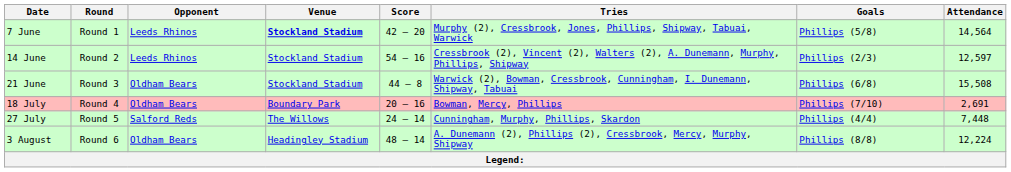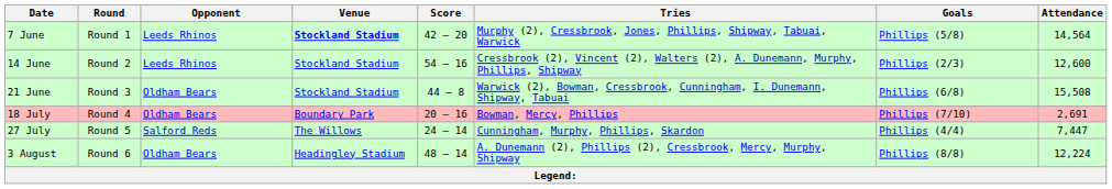 <table class="wikitable" style="font-size:75%;">
 <tr>
 <th style="width:65px;">Date</th>
 <th style="width:55px;">Round</th>
 <th style="width:140px;">Opponent</th>
 <th style="width:115px;">Venue</th>
 <th style="width:50px;">Score</th>
 <th style="width:380px;">Tries</th>
 <th style="width:150px;">Goals</th>
 <th style="width:60px;">Attendance</th>
 </tr>
 <tr style="background:#CCFFCC">
 <td>7 June</td>
 <td style="text-align:center;">Round 1</td>
 <td> <a href='#'>Leeds Rhinos</a></td>
 <td><strong><a href='#'>Stockland Stadium</a></strong></td>
 <td style="text-align:center;">42 – 20</td>
 <td><a href='#'>Murphy</a> (2), <a href='#'>Cressbrook</a>, <a href='#'>Jones</a>, <a href='#'>Phillips</a>, <a href='#'>Shipway</a>, <a href='#'>Tabuai</a>, <a href='#'>Warwick</a></td>
 <td><a href='#'>Phillips</a> (5/8)</td>
 <td style="text-align:center;">14,564</td>
 </tr>
 <tr style="background:#CCFFCC">
 <td>14 June</td>
 <td style="text-align:center;">Round 2</td>
 <td> <a href='#'>Leeds Rhinos</a></td>
 <td><a href='#'>Stockland Stadium</a></td>
 <td style="text-align:center;">54 – 16</td>
 <td><a href='#'>Cressbrook</a> (2), <a href='#'>Vincent</a> (2), <a href='#'>Walters</a> (2), <a href='#'>A. Dunemann</a>, <a href='#'>Murphy</a>, <a href='#'>Phillips</a>, <a href='#'>Shipway</a></td>
 <td><a href='#'>Phillips</a> (2/3)</td>
-<td style="text-align:center;">12,597</td>
+<td style="text-align:center;">12,600</td>
 </tr>
 <tr style="background:#CCFFCC">
 <td>21 June</td>
 <td style="text-align:center;">Round 3</td>
 <td> <a href='#'>Oldham Bears</a></td>
 <td><a href='#'>Stockland Stadium</a></td>
 <td style="text-align:center;">44 – 8</td>
 <td><a href='#'>Warwick</a> (2), <a href='#'>Bowman</a>, <a href='#'>Cressbrook</a>, <a href='#'>Cunningham</a>, <a href='#'>I. Dunemann</a>, <a href='#'>Shipway</a>, <a href='#'>Tabuai</a></td>
 <td><a href='#'>Phillips</a> (6/8)</td>
 <td style="text-align:center;">15,508</td>
 </tr>
 <tr style="background:#FFBBBB">
 <td>18 July</td>
 <td style="text-align:center;">Round 4</td>
 <td> <a href='#'>Oldham Bears</a></td>
 <td><a href='#'>Boundary Park</a></td>
 <td style="text-align:center;">20 – 16</td>
 <td><a href='#'>Bowman</a>, <a href='#'>Mercy</a>, <a href='#'>Phillips</a></td>
 <td><a href='#'>Phillips</a> (7/10)</td>
 <td style="text-align:center;">2,691</td>
 </tr>
 <tr style="background:#CCFFCC">
 <td>27 July</td>
 <td style="text-align:center;">Round 5</td>
 <td> <a href='#'>Salford Reds</a></td>
 <td><a href='#'>The Willows</a></td>
 <td style="text-align:center;">24 – 14</td>
 <td><a href='#'>Cunningham</a>, <a href='#'>Murphy</a>, <a href='#'>Phillips</a>, <a href='#'>Skardon</a></td>
 <td><a href='#'>Phillips</a> (4/4)</td>
-<td style="text-align:center;">7,448</td>
+<td style="text-align:center;">7,447</td>
 </tr>
 <tr style="background:#CCFFCC">
 <td>3 August</td>
 <td style="text-align:center;">Round 6</td>
 <td> <a href='#'>Oldham Bears</a></td>
 <td><a href='#'>Headingley Stadium</a></td>
 <td style="text-align:center;">48 – 14</td>
 <td><a href='#'>A. Dunemann</a> (2), <a href='#'>Phillips</a> (2), <a href='#'>Cressbrook</a>, <a href='#'>Mercy</a>, <a href='#'>Murphy</a>, <a href='#'>Shipway</a></td>
 <td><a href='#'>Phillips</a> (8/8)</td>
 <td style="text-align:center;">12,224</td>
 </tr>
 <tr>
 <th colspan="11"><strong>Legend</strong>:    </th>
 </tr>
 </table>
